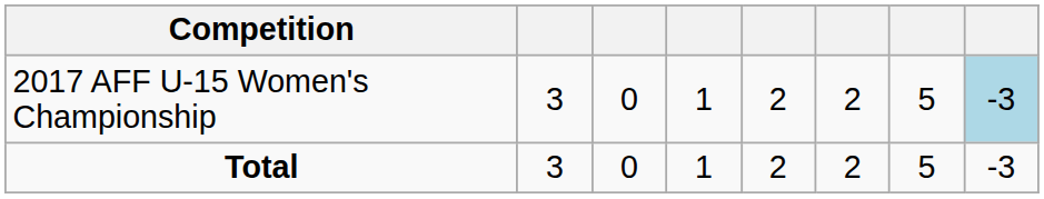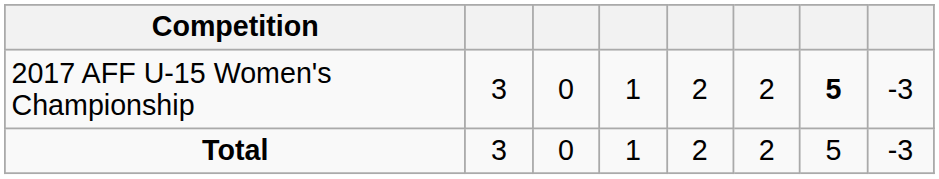 <table class="wikitable" style="text-align: center;">
 <tr>
 <th width=250>Competition</th>
 <th width=30></th>
 <th width=30></th>
 <th width=30></th>
 <th width=30></th>
 <th width=30></th>
 <th width=30></th>
 <th width=30></th>
 </tr>
 <tr>
 <td align=left>2017 AFF U-15 Women's Championship</td>
 <td>3</td>
 <td>0</td>
 <td>1</td>
 <td>2</td>
 <td>2</td>
-<td>5</td>
-<td style="background: lightblue;">-3</td>
+<td><strong>5</strong></td>
+<td>-3</td>
 </tr>
 <tr>
 <td><strong>Total</strong></td>
 <td>3</td>
 <td>0</td>
 <td>1</td>
 <td>2</td>
 <td>2</td>
 <td>5</td>
 <td>-3</td>
 </tr>
 </table>
